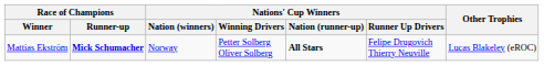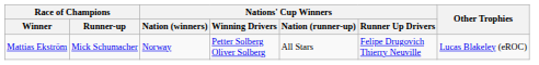 <table class="wikitable" style=font-size:85%;>
 <tr>
 <th colspan=2>Race of Champions</th>
 <th colspan=4>Nations' Cup Winners</th>
 <th rowspan=2>Other Trophies</th>
 </tr>
 <tr>
 <th>Winner</th>
 <th>Runner-up</th>
 <th>Nation (winners)</th>
 <th>Winning Drivers</th>
 <th>Nation (runner-up)</th>
 <th>Runner Up Drivers</th>
 </tr>
 <tr>
 <td> <a href='#'>Mattias Ekström</a></td>
-<td><strong> <a href='#'>Mick Schumacher</a></strong></td>
+<td> <a href='#'>Mick Schumacher</a></td>
 <td> <a href='#'>Norway</a></td>
 <td> <a href='#'>Petter Solberg</a><br> <a href='#'>Oliver Solberg</a></td>
-<td><strong>All Stars</strong></td>
+<td>All Stars</td>
 <td> <a href='#'>Felipe Drugovich</a><br> <a href='#'>Thierry Neuville</a></td>
 <td> <a href='#'>Lucas Blakeley</a> (eROC)</td>
 </tr>
 </table>
